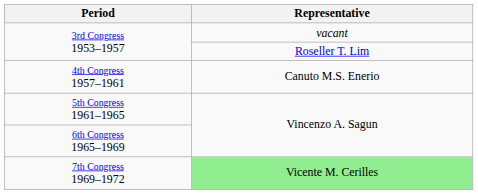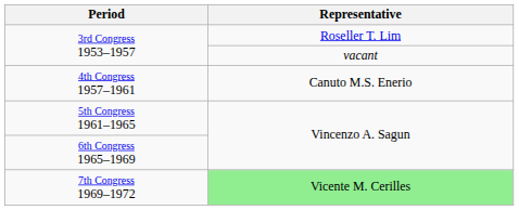 <table class="wikitable" style="text-align:center; width:40%;">
 <tr>
 <th width="40%">Period</th>
 <th>Representative</th>
 </tr>
 <tr>
 <td rowspan="2"><small><a href='#'>3rd Congress</a></small><br>1953–1957</td>
-<td><em>vacant</em></td>
+<td><a href='#'>Roseller T. Lim</a></td>
 </tr>
 <tr>
-<td><a href='#'>Roseller T. Lim</a></td>
+<td><em>vacant</em></td>
 </tr>
 <tr>
 <td><small><a href='#'>4th Congress</a></small><br>1957–1961</td>
 <td>Canuto M.S. Enerio</td>
 </tr>
 <tr>
 <td><small><a href='#'>5th Congress</a></small><br>1961–1965</td>
 <td rowspan="2">Vincenzo A. Sagun</td>
 </tr>
 <tr>
 <td><small><a href='#'>6th Congress</a></small><br>1965–1969</td>
 </tr>
 <tr>
 <td><small><a href='#'>7th Congress</a></small><br>1969–1972</td>
 <td style="background: lightgreen;">Vicente M. Cerilles</td>
 </tr>
 </table>
